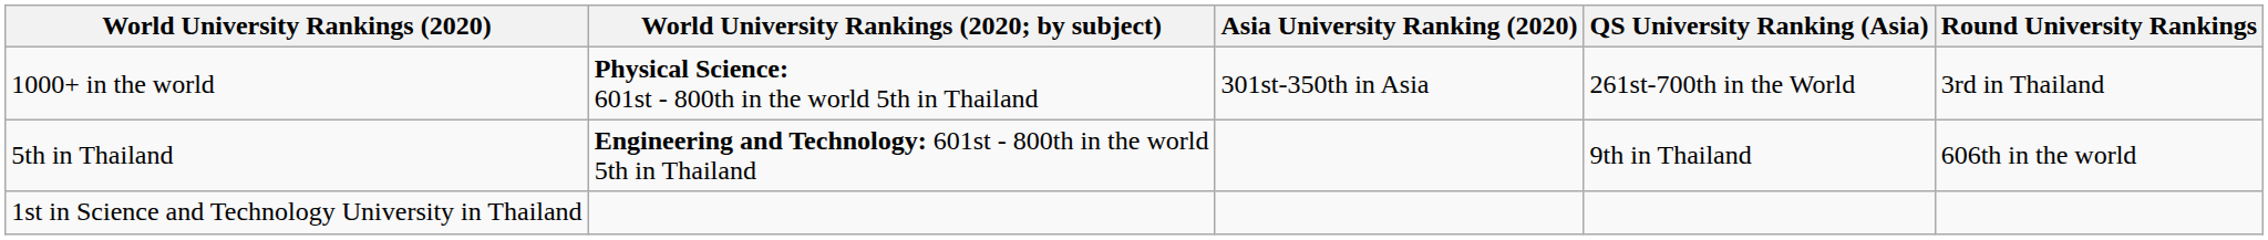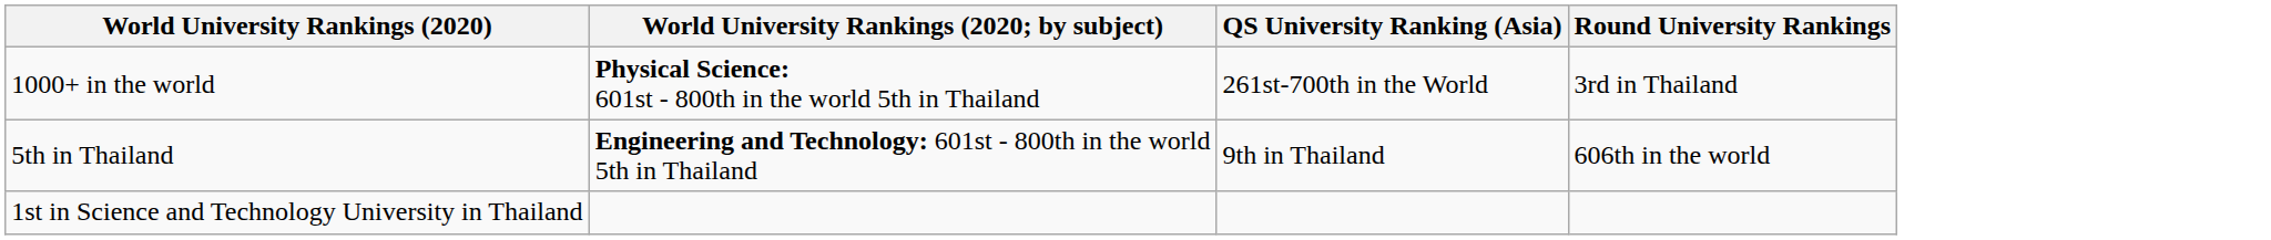 <table class="wikitable">
 <tr>
 <th>World University Rankings (2020)</th>
 <th>World University Rankings (2020; by subject)</th>
-<th>Asia University Ranking (2020)</th>
 <th>QS University Ranking (Asia)</th>
 <th>Round University Rankings</th>
 </tr>
 <tr>
 <td>1000+ in the world</td>
 <td><strong>Physical Science:</strong><br>601st - 800th in the world 5th in Thailand</td>
-<td>301st-350th in Asia</td>
 <td>261st-700th in the World</td>
 <td>3rd in Thailand</td>
 </tr>
 <tr>
 <td>5th in Thailand</td>
 <td><strong>Engineering and Technology:</strong> 601st - 800th in the world<br>5th in Thailand</td>
-<td></td>
 <td>9th in Thailand</td>
 <td>606th in the world</td>
 </tr>
 <tr>
 <td>1st in Science and Technology University in Thailand</td>
 <td></td>
 <td></td>
 <td></td>
-<td></td>
 </tr>
 </table>
